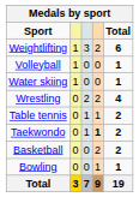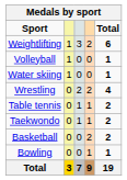 <table class=wikitable style="font-size:85%; float:right;text-align:center">
 <tr bgcolor=EFEFEF>
 <th colspan=7><strong>Medals by sport</strong></th>
 </tr>
 <tr>
 <td><strong>Sport</strong></td>
 <td bgcolor=F7F6A8></td>
 <td bgcolor=DCE5E5></td>
 <td bgcolor=FFDBA9></td>
 <td><strong>Total</strong></td>
 </tr>
 <tr>
 <td><a href='#'>Weightlifting</a></td>
 <td bgcolor=F7F6A8>1</td>
 <td bgcolor=DCE5E5>3</td>
 <td bgcolor=FFDAB9>2</td>
 <td><strong>6</strong></td>
 </tr>
 <tr>
 <td><a href='#'>Volleyball</a></td>
 <td bgcolor=F7F6A8>1</td>
 <td bgcolor=DCE5E5>0</td>
 <td bgcolor=FFDAB9>0</td>
 <td><strong>1</strong></td>
 </tr>
 <tr>
 <td><a href='#'>Water skiing</a></td>
 <td bgcolor=F7F6A8>1</td>
 <td bgcolor=DCE5E5>0</td>
 <td bgcolor=FFDAB9>0</td>
 <td><strong>1</strong></td>
 </tr>
 <tr>
 <td><a href='#'>Wrestling</a></td>
 <td bgcolor=F7F6A8>0</td>
 <td bgcolor=DCE5E5>2</td>
 <td bgcolor=FFDAB9>2</td>
 <td><strong>4</strong></td>
 </tr>
 <tr>
 <td><a href='#'>Table tennis</a></td>
 <td bgcolor=F7F6A8>0</td>
 <td bgcolor=DCE5E5>1</td>
 <td bgcolor=FFDAB9>1</td>
 <td><strong>2</strong></td>
 </tr>
 <tr>
 <td><a href='#'>Taekwondo</a></td>
 <td bgcolor=F7F6A8>0</td>
 <td bgcolor=DCE5E5>1</td>
-<td bgcolor=FFDAB9><strong>1</strong></td>
+<td bgcolor=FFDAB9>1</td>
 <td><strong>2</strong></td>
 </tr>
 <tr>
 <td><a href='#'>Basketball</a></td>
 <td bgcolor=F7F6A8>0</td>
 <td bgcolor=DCE5E5>0</td>
 <td bgcolor=FFDAB9>2</td>
 <td><strong>2</strong></td>
 </tr>
 <tr>
 <td><a href='#'>Bowling</a></td>
 <td bgcolor=F7F6A8>0</td>
 <td bgcolor=DCE5E5>0</td>
 <td bgcolor=FFDAB9>1</td>
 <td><strong>1</strong></td>
 </tr>
 <tr>
 <th><strong>Total</strong></th>
 <th style=background:gold><strong>3</strong></th>
 <th style=background:silver><strong>7</strong></th>
 <th style=background:#C96><strong>9</strong></th>
 <th><strong>19</strong></th>
 </tr>
 </table>
